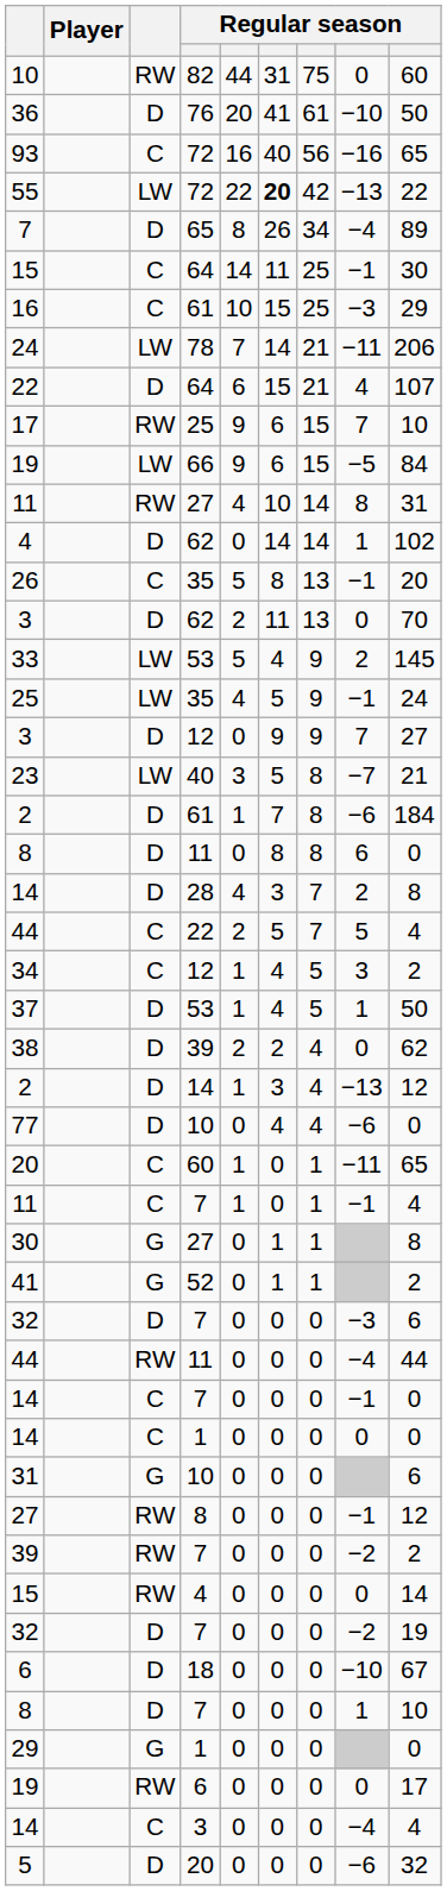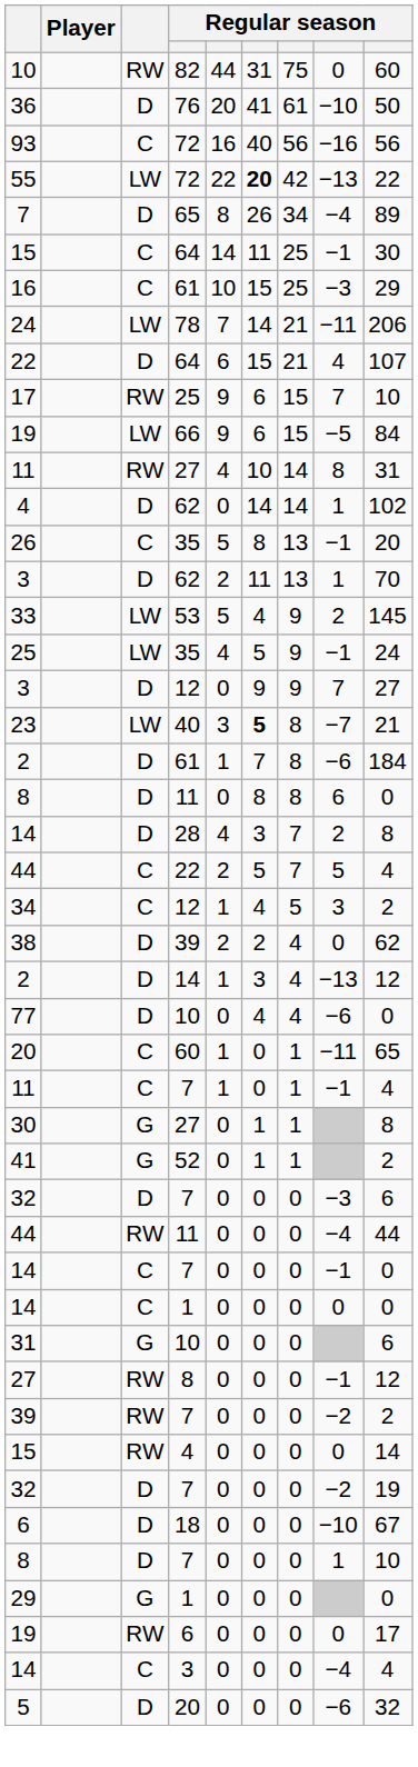 <table class="wikitable sortable plainrowheaders" style="text-align:center;">
 <tr>
 <th scope="col" data-sort-type="number" rowspan="2"></th>
 <th scope="col" rowspan="2">Player</th>
 <th scope="col" rowspan="2"></th>
 <th scope=colgroup colspan=6>Regular season</th>
 </tr>
 <tr>
 <th scope="col" data-sort-type="number"></th>
 <th scope="col" data-sort-type="number"></th>
 <th scope="col" data-sort-type="number"></th>
 <th scope="col" data-sort-type="number"></th>
 <th scope="col" data-sort-type="number"></th>
 <th scope="col" data-sort-type="number"></th>
 </tr>
 <tr>
 <td scope="row">10</td>
 <td align="left"></td>
 <td>RW</td>
 <td>82</td>
 <td>44</td>
 <td>31</td>
 <td>75</td>
 <td>0</td>
 <td>60</td>
 </tr>
 <tr>
 <td scope="row">36</td>
 <td align="left"></td>
 <td>D</td>
 <td>76</td>
 <td>20</td>
 <td>41</td>
 <td>61</td>
 <td>−10</td>
 <td>50</td>
 </tr>
 <tr>
 <td scope="row">93</td>
 <td align="left"></td>
 <td>C</td>
 <td>72</td>
 <td>16</td>
 <td>40</td>
 <td>56</td>
 <td>−16</td>
-<td>65</td>
+<td>56</td>
 </tr>
 <tr>
 <td scope="row">55</td>
 <td align="left"></td>
 <td>LW</td>
 <td>72</td>
 <td>22</td>
 <td><strong>20</strong></td>
 <td>42</td>
 <td>−13</td>
 <td>22</td>
 </tr>
 <tr>
 <td scope="row">7</td>
 <td align="left"></td>
 <td>D</td>
 <td>65</td>
 <td>8</td>
 <td>26</td>
 <td>34</td>
 <td>−4</td>
 <td>89</td>
 </tr>
 <tr>
 <td scope="row">15</td>
 <td align="left"></td>
 <td>C</td>
 <td>64</td>
 <td>14</td>
 <td>11</td>
 <td>25</td>
 <td>−1</td>
 <td>30</td>
 </tr>
 <tr>
 <td scope="row">16</td>
 <td align="left"></td>
 <td>C</td>
 <td>61</td>
 <td>10</td>
 <td>15</td>
 <td>25</td>
 <td>−3</td>
 <td>29</td>
 </tr>
 <tr>
 <td scope="row">24</td>
 <td align="left"></td>
 <td>LW</td>
 <td>78</td>
 <td>7</td>
 <td>14</td>
 <td>21</td>
 <td>−11</td>
 <td>206</td>
 </tr>
 <tr>
 <td scope="row">22</td>
 <td align="left"></td>
 <td>D</td>
 <td>64</td>
 <td>6</td>
 <td>15</td>
 <td>21</td>
 <td>4</td>
 <td>107</td>
 </tr>
 <tr>
 <td scope="row">17</td>
 <td align="left"></td>
 <td>RW</td>
 <td>25</td>
 <td>9</td>
 <td>6</td>
 <td>15</td>
 <td>7</td>
 <td>10</td>
 </tr>
 <tr>
 <td scope="row">19</td>
 <td align="left"></td>
 <td>LW</td>
 <td>66</td>
 <td>9</td>
 <td>6</td>
 <td>15</td>
 <td>−5</td>
 <td>84</td>
 </tr>
 <tr>
 <td scope="row">11</td>
 <td align="left"></td>
 <td>RW</td>
 <td>27</td>
 <td>4</td>
 <td>10</td>
 <td>14</td>
 <td>8</td>
 <td>31</td>
 </tr>
 <tr>
 <td scope="row">4</td>
 <td align="left"></td>
 <td>D</td>
 <td>62</td>
 <td>0</td>
 <td>14</td>
 <td>14</td>
 <td>1</td>
 <td>102</td>
 </tr>
 <tr>
 <td scope="row">26</td>
 <td align="left"></td>
 <td>C</td>
 <td>35</td>
 <td>5</td>
 <td>8</td>
 <td>13</td>
 <td>−1</td>
 <td>20</td>
 </tr>
 <tr>
 <td scope="row">3</td>
 <td align="left"></td>
 <td>D</td>
 <td>62</td>
 <td>2</td>
 <td>11</td>
 <td>13</td>
-<td>0</td>
+<td>1</td>
 <td>70</td>
 </tr>
 <tr>
 <td scope="row">33</td>
 <td align="left"></td>
 <td>LW</td>
 <td>53</td>
 <td>5</td>
 <td>4</td>
 <td>9</td>
 <td>2</td>
 <td>145</td>
 </tr>
 <tr>
 <td scope="row">25</td>
 <td align="left"></td>
 <td>LW</td>
 <td>35</td>
 <td>4</td>
 <td>5</td>
 <td>9</td>
 <td>−1</td>
 <td>24</td>
 </tr>
 <tr>
 <td scope="row">3</td>
 <td align="left"></td>
 <td>D</td>
 <td>12</td>
 <td>0</td>
 <td>9</td>
 <td>9</td>
 <td>7</td>
 <td>27</td>
 </tr>
 <tr>
 <td scope="row">23</td>
 <td align="left"></td>
 <td>LW</td>
 <td>40</td>
 <td>3</td>
-<td>5</td>
+<td><strong>5</strong></td>
 <td>8</td>
 <td>−7</td>
 <td>21</td>
 </tr>
 <tr>
 <td scope="row">2</td>
 <td align="left"></td>
 <td>D</td>
 <td>61</td>
 <td>1</td>
 <td>7</td>
 <td>8</td>
 <td>−6</td>
 <td>184</td>
 </tr>
 <tr>
 <td scope="row">8</td>
 <td align="left"></td>
 <td>D</td>
 <td>11</td>
 <td>0</td>
 <td>8</td>
 <td>8</td>
 <td>6</td>
 <td>0</td>
 </tr>
 <tr>
 <td scope="row">14</td>
 <td align="left"></td>
 <td>D</td>
 <td>28</td>
 <td>4</td>
 <td>3</td>
 <td>7</td>
 <td>2</td>
 <td>8</td>
 </tr>
 <tr>
 <td scope="row">44</td>
 <td align="left"></td>
 <td>C</td>
 <td>22</td>
 <td>2</td>
 <td>5</td>
 <td>7</td>
 <td>5</td>
 <td>4</td>
 </tr>
 <tr>
 <td scope="row">34</td>
 <td align="left"></td>
 <td>C</td>
 <td>12</td>
 <td>1</td>
 <td>4</td>
 <td>5</td>
 <td>3</td>
 <td>2</td>
-</tr>
-<tr>
-<td scope="row">37</td>
-<td align="left"></td>
-<td>D</td>
-<td>53</td>
-<td>1</td>
-<td>4</td>
-<td>5</td>
-<td>1</td>
-<td>50</td>
 </tr>
 <tr>
 <td scope="row">38</td>
 <td align="left"></td>
 <td>D</td>
 <td>39</td>
 <td>2</td>
 <td>2</td>
 <td>4</td>
 <td>0</td>
 <td>62</td>
 </tr>
 <tr>
 <td scope="row">2</td>
 <td align="left"></td>
 <td>D</td>
 <td>14</td>
 <td>1</td>
 <td>3</td>
 <td>4</td>
 <td>−13</td>
 <td>12</td>
 </tr>
 <tr>
 <td scope="row">77</td>
 <td align="left"></td>
 <td>D</td>
 <td>10</td>
 <td>0</td>
 <td>4</td>
 <td>4</td>
 <td>−6</td>
 <td>0</td>
 </tr>
 <tr>
 <td scope="row">20</td>
 <td align="left"></td>
 <td>C</td>
 <td>60</td>
 <td>1</td>
 <td>0</td>
 <td>1</td>
 <td>−11</td>
 <td>65</td>
 </tr>
 <tr>
 <td scope="row">11</td>
 <td align="left"></td>
 <td>C</td>
 <td>7</td>
 <td>1</td>
 <td>0</td>
 <td>1</td>
 <td>−1</td>
 <td>4</td>
 </tr>
 <tr>
 <td scope="row">30</td>
 <td align="left"></td>
 <td>G</td>
 <td>27</td>
 <td>0</td>
 <td>1</td>
 <td>1</td>
 <td style="background:#ccc"></td>
 <td>8</td>
 </tr>
 <tr>
 <td scope="row">41</td>
 <td align="left"></td>
 <td>G</td>
 <td>52</td>
 <td>0</td>
 <td>1</td>
 <td>1</td>
 <td style="background:#ccc"></td>
 <td>2</td>
 </tr>
 <tr>
 <td scope="row">32</td>
 <td align="left"></td>
 <td>D</td>
 <td>7</td>
 <td>0</td>
 <td>0</td>
 <td>0</td>
 <td>−3</td>
 <td>6</td>
 </tr>
 <tr>
 <td scope="row">44</td>
 <td align="left"></td>
 <td>RW</td>
 <td>11</td>
 <td>0</td>
 <td>0</td>
 <td>0</td>
 <td>−4</td>
 <td>44</td>
 </tr>
 <tr>
 <td scope="row">14</td>
 <td align="left"></td>
 <td>C</td>
 <td>7</td>
 <td>0</td>
 <td>0</td>
 <td>0</td>
 <td>−1</td>
 <td>0</td>
 </tr>
 <tr>
 <td scope="row">14</td>
 <td align="left"></td>
 <td>C</td>
 <td>1</td>
 <td>0</td>
 <td>0</td>
 <td>0</td>
 <td>0</td>
 <td>0</td>
 </tr>
 <tr>
 <td scope="row">31</td>
 <td align="left"></td>
 <td>G</td>
 <td>10</td>
 <td>0</td>
 <td>0</td>
 <td>0</td>
 <td style="background:#ccc"></td>
 <td>6</td>
 </tr>
 <tr>
 <td scope="row">27</td>
 <td align="left"></td>
 <td>RW</td>
 <td>8</td>
 <td>0</td>
 <td>0</td>
 <td>0</td>
 <td>−1</td>
 <td>12</td>
 </tr>
 <tr>
 <td scope="row">39</td>
 <td align="left"></td>
 <td>RW</td>
 <td>7</td>
 <td>0</td>
 <td>0</td>
 <td>0</td>
 <td>−2</td>
 <td>2</td>
 </tr>
 <tr>
 <td scope="row">15</td>
 <td align="left"></td>
 <td>RW</td>
 <td>4</td>
 <td>0</td>
 <td>0</td>
 <td>0</td>
 <td>0</td>
 <td>14</td>
 </tr>
 <tr>
 <td scope="row">32</td>
 <td align="left"></td>
 <td>D</td>
 <td>7</td>
 <td>0</td>
 <td>0</td>
 <td>0</td>
 <td>−2</td>
 <td>19</td>
 </tr>
 <tr>
 <td scope="row">6</td>
 <td align="left"></td>
 <td>D</td>
 <td>18</td>
 <td>0</td>
 <td>0</td>
 <td>0</td>
 <td>−10</td>
 <td>67</td>
 </tr>
 <tr>
 <td scope="row">8</td>
 <td align="left"></td>
 <td>D</td>
 <td>7</td>
 <td>0</td>
 <td>0</td>
 <td>0</td>
 <td>1</td>
 <td>10</td>
 </tr>
 <tr>
 <td scope="row">29</td>
 <td align="left"></td>
 <td>G</td>
 <td>1</td>
 <td>0</td>
 <td>0</td>
 <td>0</td>
 <td style="background:#ccc"></td>
 <td>0</td>
 </tr>
 <tr>
 <td scope="row">19</td>
 <td align="left"></td>
 <td>RW</td>
 <td>6</td>
 <td>0</td>
 <td>0</td>
 <td>0</td>
 <td>0</td>
 <td>17</td>
 </tr>
 <tr>
 <td scope="row">14</td>
 <td align="left"></td>
 <td>C</td>
 <td>3</td>
 <td>0</td>
 <td>0</td>
 <td>0</td>
 <td>−4</td>
 <td>4</td>
 </tr>
 <tr>
 <td scope="row">5</td>
 <td align="left"></td>
 <td>D</td>
 <td>20</td>
 <td>0</td>
 <td>0</td>
 <td>0</td>
 <td>−6</td>
 <td>32</td>
 </tr>
 </table>
